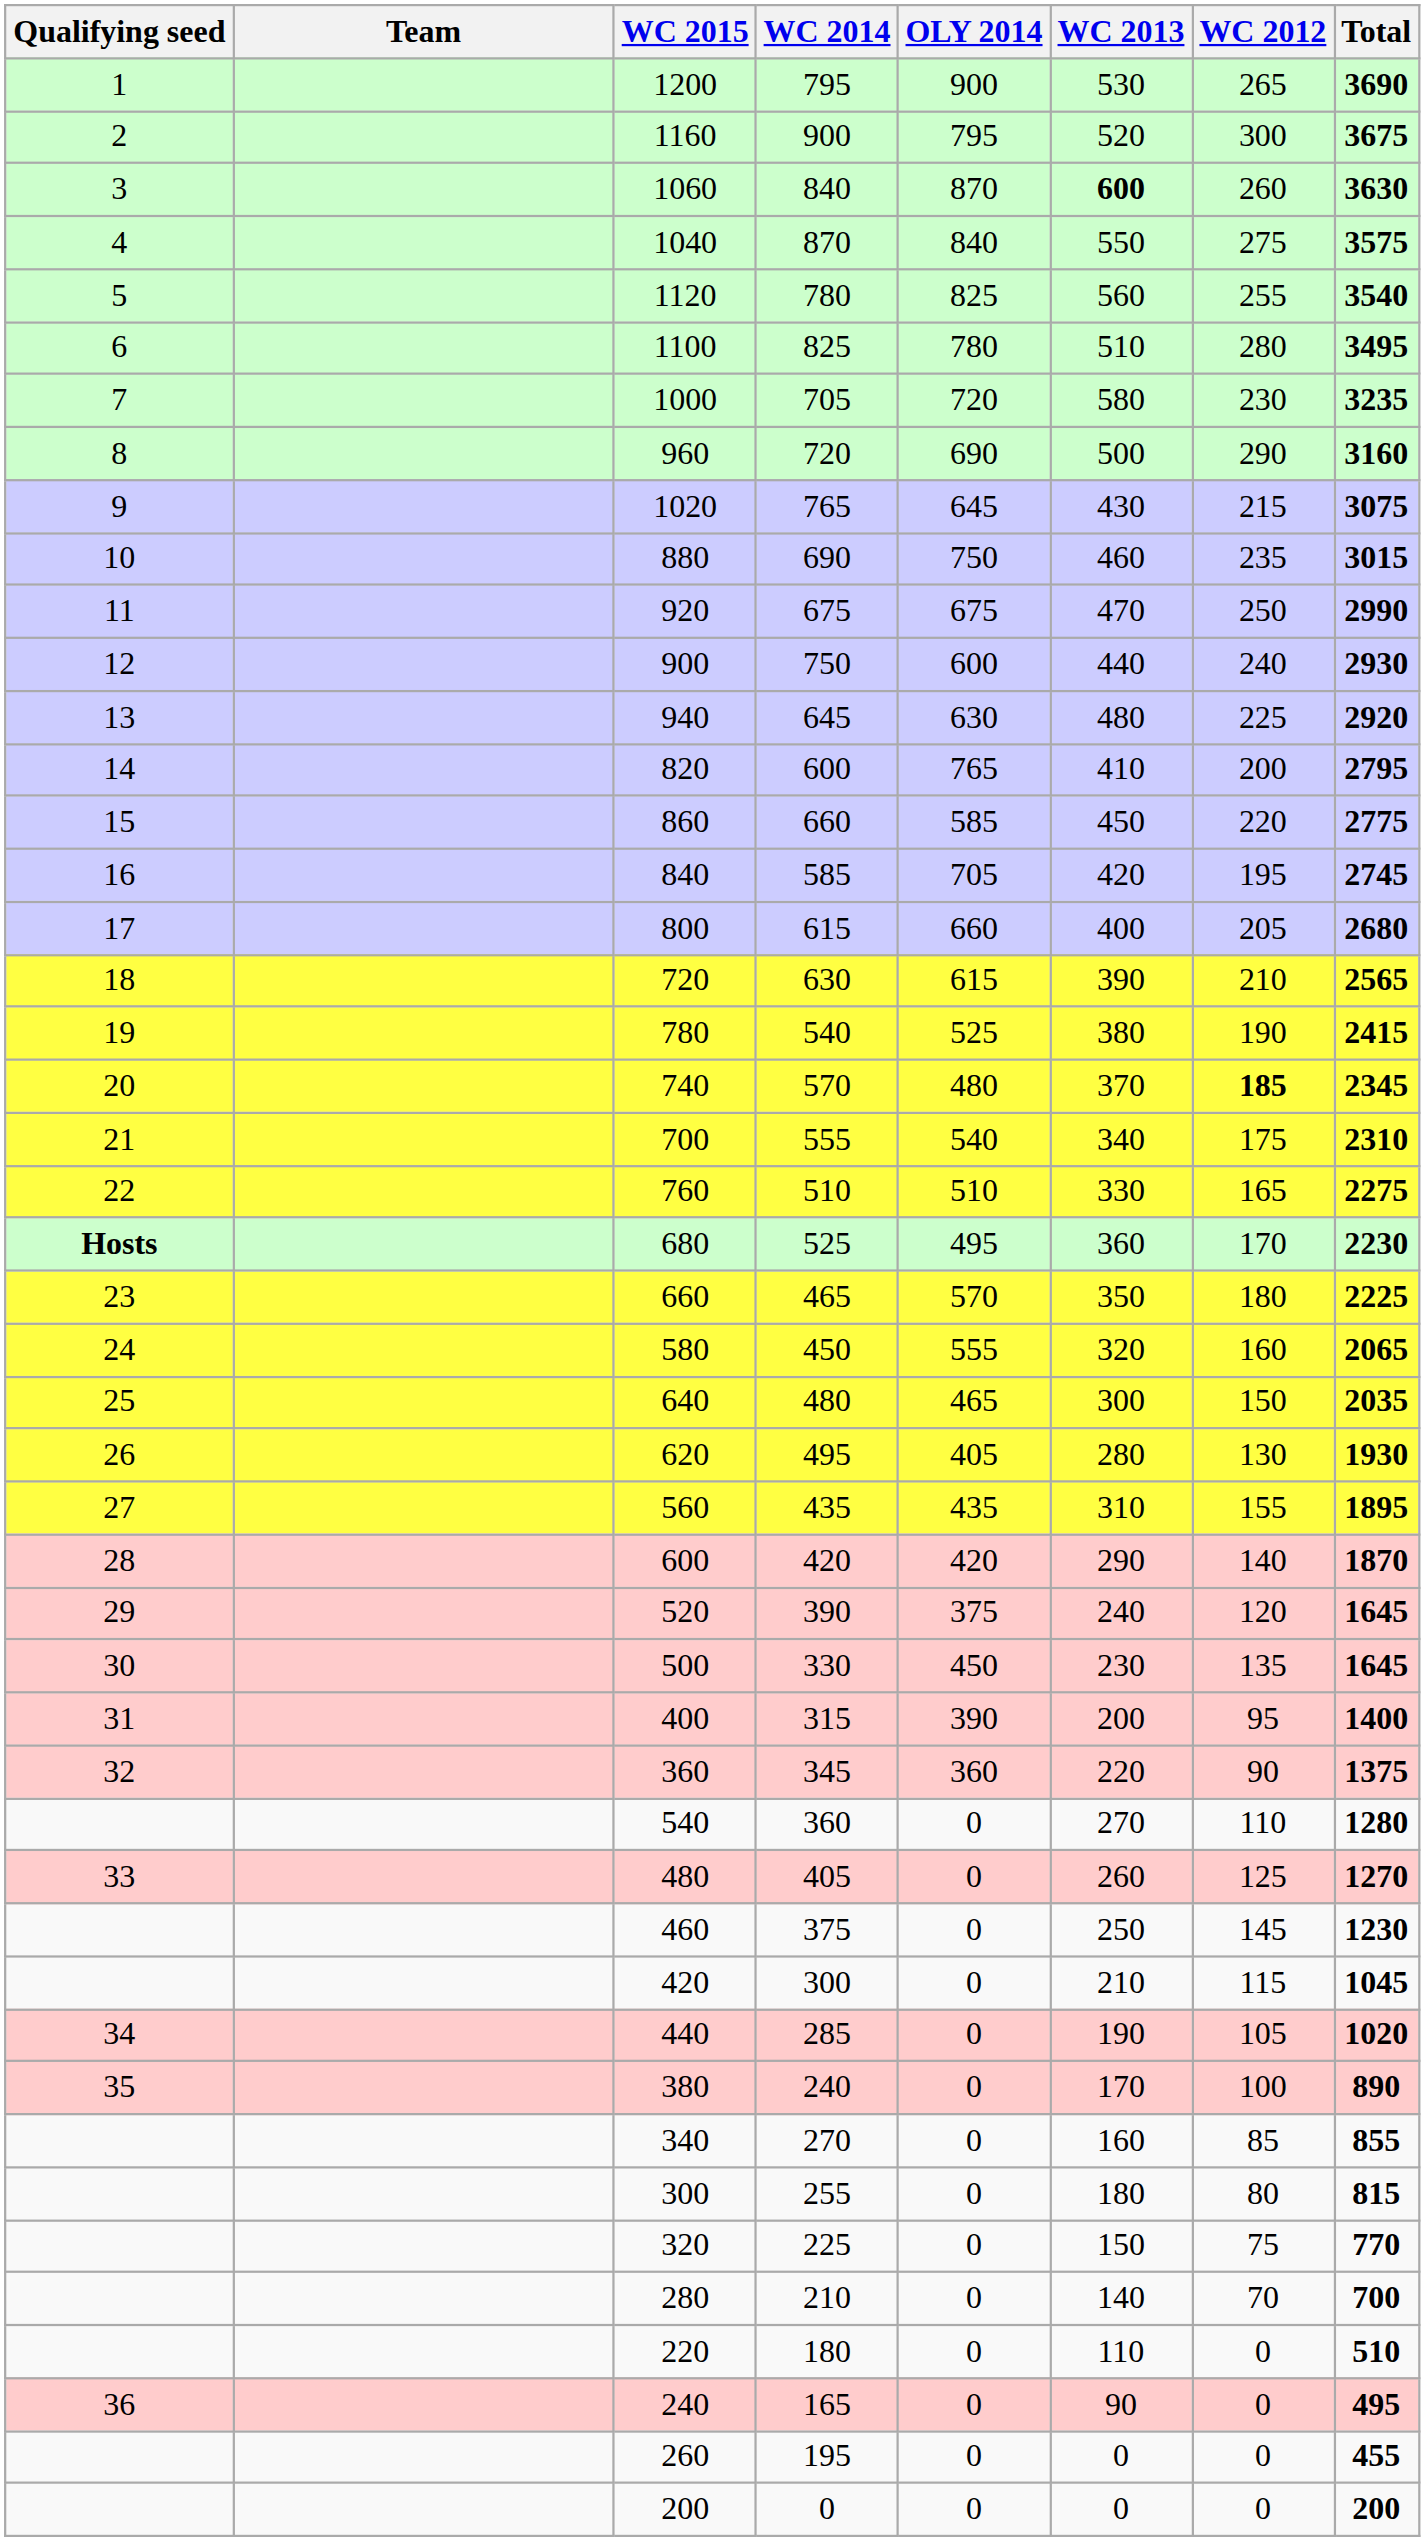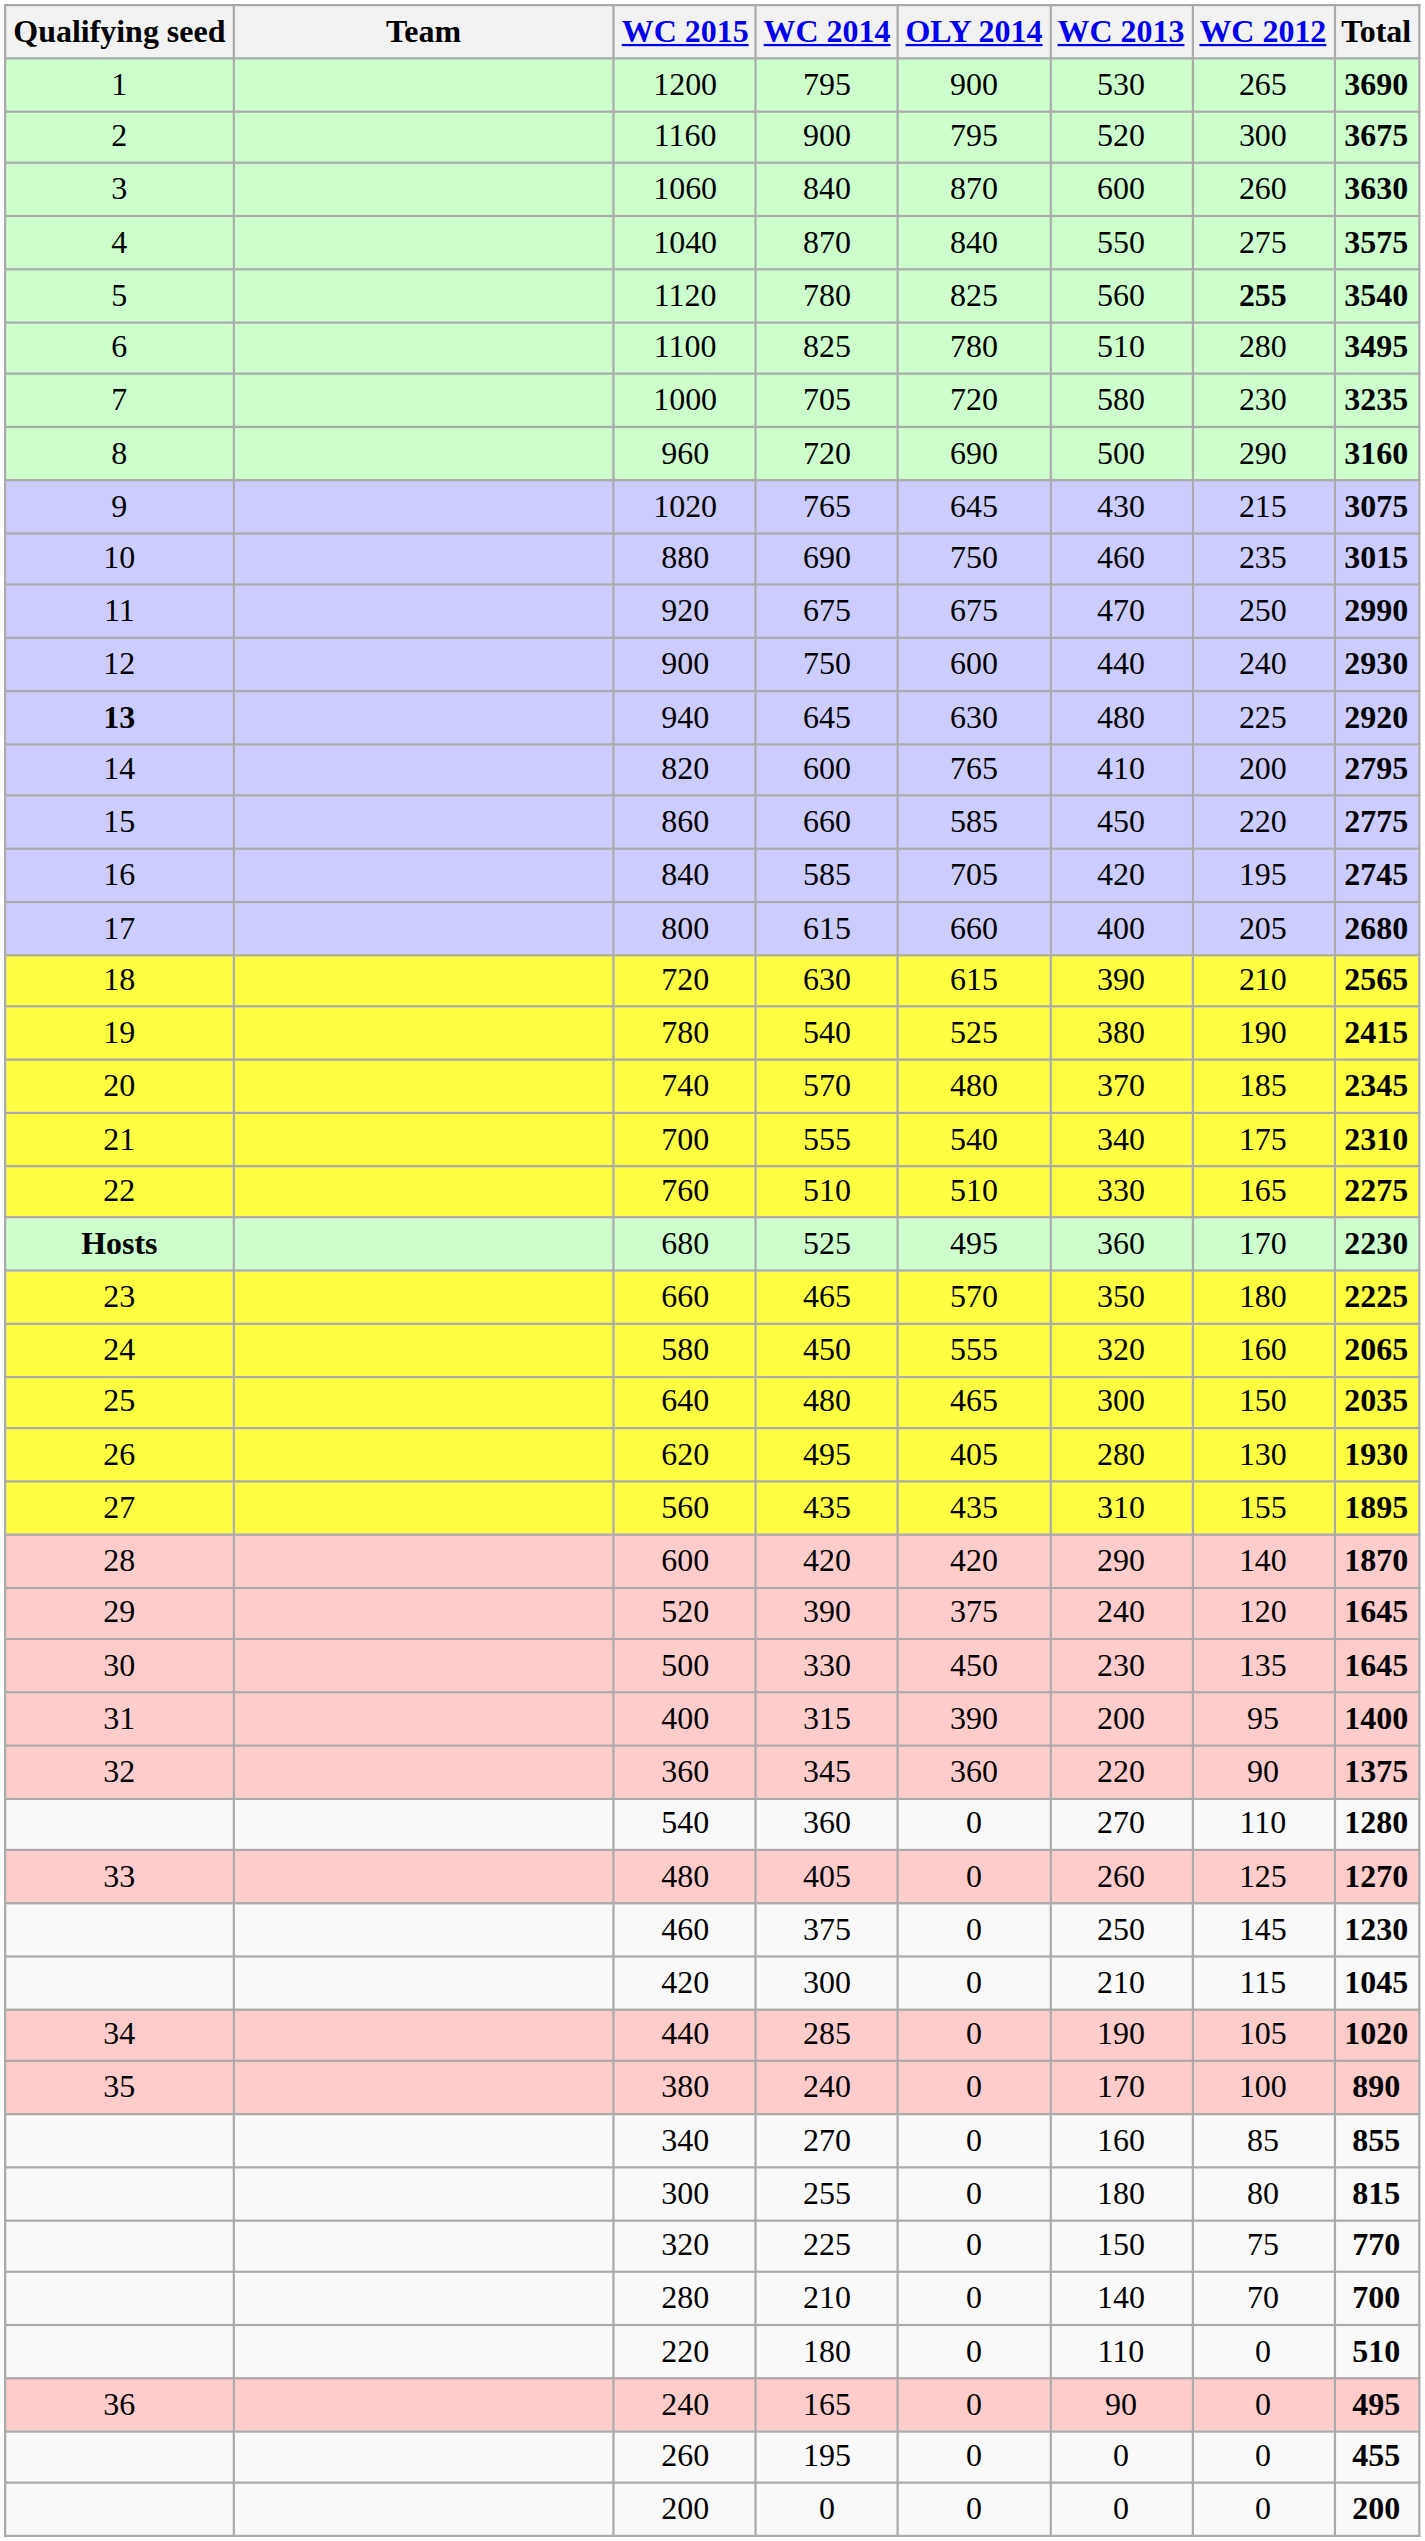 <table class="wikitable sortable" style="font-size:90%; text-align:center;margin: 1em auto 1em auto ">
 <tr>
 <th>Qualifying seed</th>
 <th width=165>Team</th>
 <th><a href='#'>WC 2015</a></th>
 <th><a href='#'>WC 2014</a></th>
 <th><a href='#'>OLY 2014</a></th>
 <th><a href='#'>WC 2013</a></th>
 <th><a href='#'>WC 2012</a></th>
 <th>Total</th>
 </tr>
 <tr style="background: #ccffcc;">
 <td>1</td>
 <td align=left></td>
 <td>1200</td>
 <td>795</td>
 <td>900</td>
 <td>530</td>
 <td>265</td>
 <td><strong>3690</strong></td>
 </tr>
 <tr style="background: #ccffcc;">
 <td>2</td>
 <td align=left></td>
 <td>1160</td>
 <td>900</td>
 <td>795</td>
 <td>520</td>
 <td>300</td>
 <td><strong>3675</strong></td>
 </tr>
 <tr style="background: #ccffcc;">
 <td>3</td>
 <td align=left></td>
 <td>1060</td>
 <td>840</td>
 <td>870</td>
-<td><strong>600</strong></td>
+<td>600</td>
 <td>260</td>
 <td><strong>3630</strong></td>
 </tr>
 <tr style="background: #ccffcc;">
 <td>4</td>
 <td align=left></td>
 <td>1040</td>
 <td>870</td>
 <td>840</td>
 <td>550</td>
 <td>275</td>
 <td><strong>3575</strong></td>
 </tr>
 <tr style="background: #ccffcc;">
 <td>5</td>
 <td align=left></td>
 <td>1120</td>
 <td>780</td>
 <td>825</td>
 <td>560</td>
-<td>255</td>
+<td><strong>255</strong></td>
 <td><strong>3540</strong></td>
 </tr>
 <tr style="background: #ccffcc;">
 <td>6</td>
 <td align=left></td>
 <td>1100</td>
 <td>825</td>
 <td>780</td>
 <td>510</td>
 <td>280</td>
 <td><strong>3495</strong></td>
 </tr>
 <tr style="background: #ccffcc;">
 <td>7</td>
 <td align=left></td>
 <td>1000</td>
 <td>705</td>
 <td>720</td>
 <td>580</td>
 <td>230</td>
 <td><strong>3235</strong></td>
 </tr>
 <tr style="background: #ccffcc;">
 <td>8</td>
 <td align=left></td>
 <td>960</td>
 <td>720</td>
 <td>690</td>
 <td>500</td>
 <td>290</td>
 <td><strong>3160</strong></td>
 </tr>
 <tr style="background: #ccccff;">
 <td>9</td>
 <td align=left></td>
 <td>1020</td>
 <td>765</td>
 <td>645</td>
 <td>430</td>
 <td>215</td>
 <td><strong>3075</strong></td>
 </tr>
 <tr style="background: #ccccff;">
 <td>10</td>
 <td align=left></td>
 <td>880</td>
 <td>690</td>
 <td>750</td>
 <td>460</td>
 <td>235</td>
 <td><strong>3015</strong></td>
 </tr>
 <tr style="background: #ccccff;">
 <td>11</td>
 <td align=left></td>
 <td>920</td>
 <td>675</td>
 <td>675</td>
 <td>470</td>
 <td>250</td>
 <td><strong>2990</strong></td>
 </tr>
 <tr style="background: #ccccff;">
 <td>12</td>
 <td align=left></td>
 <td>900</td>
 <td>750</td>
 <td>600</td>
 <td>440</td>
 <td>240</td>
 <td><strong>2930</strong></td>
 </tr>
 <tr style="background: #ccccff;">
-<td>13</td>
+<td><strong>13</strong></td>
 <td align=left></td>
 <td>940</td>
 <td>645</td>
 <td>630</td>
 <td>480</td>
 <td>225</td>
 <td><strong>2920</strong></td>
 </tr>
 <tr style="background: #ccccff;">
 <td>14</td>
 <td align=left></td>
 <td>820</td>
 <td>600</td>
 <td>765</td>
 <td>410</td>
 <td>200</td>
 <td><strong>2795</strong></td>
 </tr>
 <tr style="background: #ccccff;">
 <td>15</td>
 <td align=left></td>
 <td>860</td>
 <td>660</td>
 <td>585</td>
 <td>450</td>
 <td>220</td>
 <td><strong>2775</strong></td>
 </tr>
 <tr style="background: #ccccff;">
 <td>16</td>
 <td align=left></td>
 <td>840</td>
 <td>585</td>
 <td>705</td>
 <td>420</td>
 <td>195</td>
 <td><strong>2745</strong></td>
 </tr>
 <tr style="background: #ccccff;">
 <td>17</td>
 <td align=left></td>
 <td>800</td>
 <td>615</td>
 <td>660</td>
 <td>400</td>
 <td>205</td>
 <td><strong>2680</strong></td>
 </tr>
 <tr style="background: #ffff42;">
 <td>18</td>
 <td align=left></td>
 <td>720</td>
 <td>630</td>
 <td>615</td>
 <td>390</td>
 <td>210</td>
 <td><strong>2565</strong></td>
 </tr>
 <tr style="background: #ffff42;">
 <td>19</td>
 <td align=left></td>
 <td>780</td>
 <td>540</td>
 <td>525</td>
 <td>380</td>
 <td>190</td>
 <td><strong>2415</strong></td>
 </tr>
 <tr style="background: #ffff42;">
 <td>20</td>
 <td align=left></td>
 <td>740</td>
 <td>570</td>
 <td>480</td>
 <td>370</td>
-<td><strong>185</strong></td>
+<td>185</td>
 <td><strong>2345</strong></td>
 </tr>
 <tr style="background: #ffff42;">
 <td>21</td>
 <td align=left></td>
 <td>700</td>
 <td>555</td>
 <td>540</td>
 <td>340</td>
 <td>175</td>
 <td><strong>2310</strong></td>
 </tr>
 <tr style="background: #ffff42;">
 <td>22</td>
 <td align=left></td>
 <td>760</td>
 <td>510</td>
 <td>510</td>
 <td>330</td>
 <td>165</td>
 <td><strong>2275</strong></td>
 </tr>
 <tr style="background:#ccffcc;">
 <td><strong>Hosts</strong></td>
 <td align=left></td>
 <td>680</td>
 <td>525</td>
 <td>495</td>
 <td>360</td>
 <td>170</td>
 <td><strong>2230</strong></td>
 </tr>
 <tr style="background: #ffff42;">
 <td>23</td>
 <td align=left></td>
 <td>660</td>
 <td>465</td>
 <td>570</td>
 <td>350</td>
 <td>180</td>
 <td><strong>2225</strong></td>
 </tr>
 <tr style="background: #ffff42;">
 <td>24</td>
 <td align=left></td>
 <td>580</td>
 <td>450</td>
 <td>555</td>
 <td>320</td>
 <td>160</td>
 <td><strong>2065</strong></td>
 </tr>
 <tr style="background: #ffff42;">
 <td>25</td>
 <td align=left></td>
 <td>640</td>
 <td>480</td>
 <td>465</td>
 <td>300</td>
 <td>150</td>
 <td><strong>2035</strong></td>
 </tr>
 <tr style="background: #ffff42;">
 <td>26</td>
 <td align=left></td>
 <td>620</td>
 <td>495</td>
 <td>405</td>
 <td>280</td>
 <td>130</td>
 <td><strong>1930</strong></td>
 </tr>
 <tr style="background: #ffff42;">
 <td>27</td>
 <td align=left></td>
 <td>560</td>
 <td>435</td>
 <td>435</td>
 <td>310</td>
 <td>155</td>
 <td><strong>1895</strong></td>
 </tr>
 <tr style="background: #ffcccc;">
 <td>28</td>
 <td align=left></td>
 <td>600</td>
 <td>420</td>
 <td>420</td>
 <td>290</td>
 <td>140</td>
 <td><strong>1870</strong></td>
 </tr>
 <tr style="background: #ffcccc;">
 <td>29</td>
 <td align=left></td>
 <td>520</td>
 <td>390</td>
 <td>375</td>
 <td>240</td>
 <td>120</td>
 <td><strong>1645</strong></td>
 </tr>
 <tr style="background: #ffcccc;">
 <td>30</td>
 <td align=left></td>
 <td>500</td>
 <td>330</td>
 <td>450</td>
 <td>230</td>
 <td>135</td>
 <td><strong>1645</strong></td>
 </tr>
 <tr style="background: #ffcccc;">
 <td>31</td>
 <td align=left></td>
 <td>400</td>
 <td>315</td>
 <td>390</td>
 <td>200</td>
 <td>95</td>
 <td><strong>1400</strong></td>
 </tr>
 <tr style="background: #ffcccc;">
 <td>32</td>
 <td align=left></td>
 <td>360</td>
 <td>345</td>
 <td>360</td>
 <td>220</td>
 <td>90</td>
 <td><strong>1375</strong></td>
 </tr>
 <tr style=>
 <td></td>
 <td align=left></td>
 <td>540</td>
 <td>360</td>
 <td>0</td>
 <td>270</td>
 <td>110</td>
 <td><strong>1280</strong></td>
 </tr>
 <tr style="background: #ffcccc;">
 <td>33</td>
 <td align=left></td>
 <td>480</td>
 <td>405</td>
 <td>0</td>
 <td>260</td>
 <td>125</td>
 <td><strong>1270</strong></td>
 </tr>
 <tr style=>
 <td></td>
 <td align=left></td>
 <td>460</td>
 <td>375</td>
 <td>0</td>
 <td>250</td>
 <td>145</td>
 <td><strong>1230</strong></td>
 </tr>
 <tr style=>
 <td></td>
 <td align=left></td>
 <td>420</td>
 <td>300</td>
 <td>0</td>
 <td>210</td>
 <td>115</td>
 <td><strong>1045</strong></td>
 </tr>
 <tr style="background: #ffcccc;">
 <td>34</td>
 <td align=left></td>
 <td>440</td>
 <td>285</td>
 <td>0</td>
 <td>190</td>
 <td>105</td>
 <td><strong>1020</strong></td>
 </tr>
 <tr style="background: #ffcccc;">
 <td>35</td>
 <td align=left></td>
 <td>380</td>
 <td>240</td>
 <td>0</td>
 <td>170</td>
 <td>100</td>
 <td><strong>890</strong></td>
 </tr>
 <tr style=>
 <td></td>
 <td align=left></td>
 <td>340</td>
 <td>270</td>
 <td>0</td>
 <td>160</td>
 <td>85</td>
 <td><strong>855</strong></td>
 </tr>
 <tr style=>
 <td></td>
 <td align=left></td>
 <td>300</td>
 <td>255</td>
 <td>0</td>
 <td>180</td>
 <td>80</td>
 <td><strong>815</strong></td>
 </tr>
 <tr style=>
 <td></td>
 <td align=left></td>
 <td>320</td>
 <td>225</td>
 <td>0</td>
 <td>150</td>
 <td>75</td>
 <td><strong>770</strong></td>
 </tr>
 <tr style=>
 <td></td>
 <td align=left></td>
 <td>280</td>
 <td>210</td>
 <td>0</td>
 <td>140</td>
 <td>70</td>
 <td><strong>700</strong></td>
 </tr>
 <tr style=>
 <td></td>
 <td align=left></td>
 <td>220</td>
 <td>180</td>
 <td>0</td>
 <td>110</td>
 <td>0</td>
 <td><strong>510</strong></td>
 </tr>
 <tr style="background: #ffcccc;">
 <td>36</td>
 <td align=left></td>
 <td>240</td>
 <td>165</td>
 <td>0</td>
 <td>90</td>
 <td>0</td>
 <td><strong>495</strong></td>
 </tr>
 <tr style=>
 <td></td>
 <td align=left></td>
 <td>260</td>
 <td>195</td>
 <td>0</td>
 <td>0</td>
 <td>0</td>
 <td><strong>455</strong></td>
 </tr>
 <tr style=>
 <td></td>
 <td align=left></td>
 <td>200</td>
 <td>0</td>
 <td>0</td>
 <td>0</td>
 <td>0</td>
 <td><strong>200</strong></td>
 </tr>
 </table>
